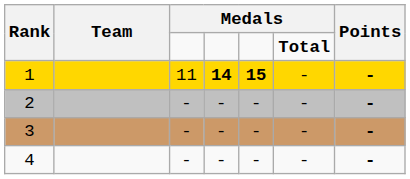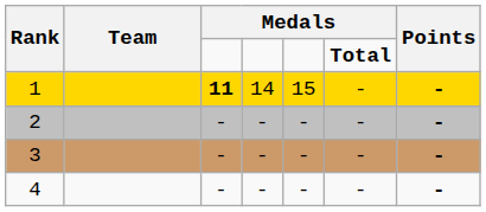 <table class="wikitable">
 <tr>
 <th rowspan=2>Rank</th>
 <th width=80px rowspan=2>Team</th>
 <th colspan=4>Medals</th>
 <th rowspan=2>Points</th>
 </tr>
 <tr>
 <td width=20px align=center></td>
 <td width=20px align=center></td>
 <td width=20px align=center></td>
 <td width=40px align=center><strong>Total</strong></td>
 </tr>
 <tr bgcolor="gold">
 <td align=center>1</td>
 <td></td>
-<td align=center>11</td>
-<td align=center><strong>14</strong></td>
-<td align=center><strong>15</strong></td>
+<td align=center><strong>11</strong></td>
+<td align=center>14</td>
+<td align=center>15</td>
 <td align=center>-</td>
 <td align=center><strong>-</strong></td>
 </tr>
 <tr bgcolor="silver">
 <td align=center>2</td>
 <td><strong></strong></td>
 <td align=center>-</td>
 <td align=center>-</td>
 <td align=center>-</td>
 <td align=center>-</td>
 <td align=center><strong>-</strong></td>
 </tr>
 <tr bgcolor="CC9968">
 <td align=center>3</td>
 <td></td>
 <td align=center>-</td>
 <td align=center>-</td>
 <td align=center>-</td>
 <td align=center>-</td>
 <td align=center><strong>-</strong></td>
 </tr>
 <tr>
 <td align=center>4</td>
 <td></td>
 <td align=center>-</td>
 <td align=center>-</td>
 <td align=center>-</td>
 <td align=center>-</td>
 <td align=center><strong>-</strong></td>
 </tr>
 </table>
